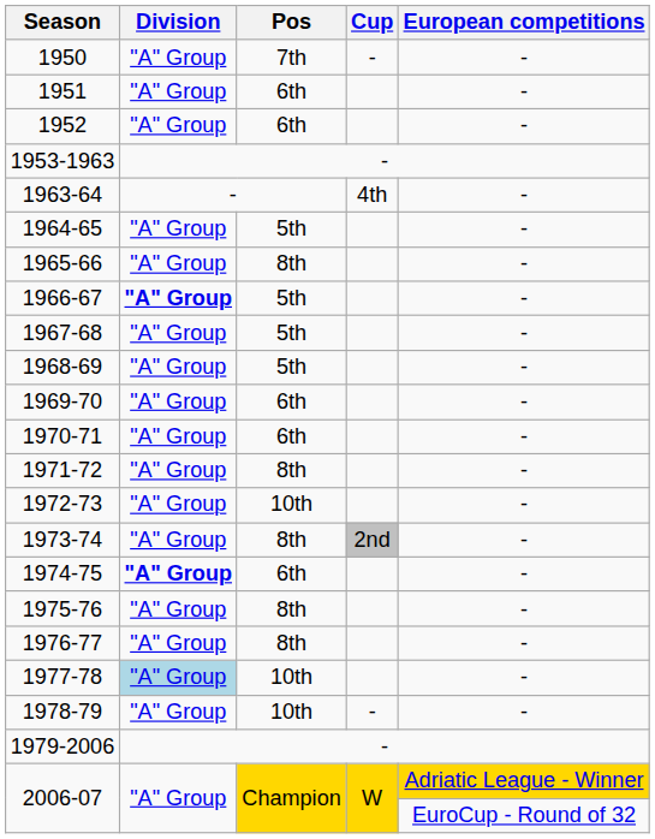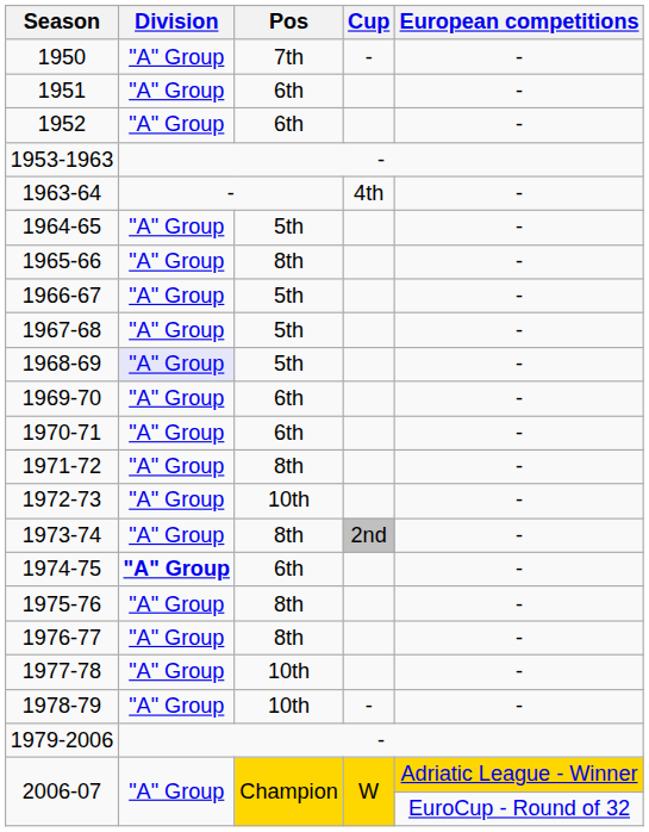 <table class="wikitable" style="text-align:center; font-size:100%">
 <tr>
 <th>Season</th>
 <th><a href='#'>Division</a></th>
 <th>Pos</th>
 <th><a href='#'>Cup</a></th>
 <th><a href='#'>European competitions</a></th>
 </tr>
 <tr>
 <td>1950</td>
 <td><a href='#'>"A" Group</a></td>
 <td>7th</td>
 <td>-</td>
 <td>-</td>
 </tr>
 <tr>
 <td>1951</td>
 <td><a href='#'>"A" Group</a></td>
 <td>6th</td>
 <td></td>
 <td>-</td>
 </tr>
 <tr>
 <td>1952</td>
 <td><a href='#'>"A" Group</a></td>
 <td>6th</td>
 <td></td>
 <td>-</td>
 </tr>
 <tr>
 <td>1953-1963</td>
 <td colspan="4">-</td>
 </tr>
 <tr>
 <td>1963-64</td>
 <td colspan="2">-</td>
 <td>4th</td>
 <td>-</td>
 </tr>
 <tr>
 <td>1964-65</td>
 <td><a href='#'>"A" Group</a></td>
 <td>5th</td>
 <td></td>
 <td>-</td>
 </tr>
 <tr>
 <td>1965-66</td>
 <td><a href='#'>"A" Group</a></td>
 <td>8th</td>
 <td></td>
 <td>-</td>
 </tr>
 <tr>
 <td>1966-67</td>
-<td><strong><a href='#'>"A" Group</a></strong></td>
+<td><a href='#'>"A" Group</a></td>
 <td>5th</td>
 <td></td>
 <td>-</td>
 </tr>
 <tr>
 <td>1967-68</td>
 <td><a href='#'>"A" Group</a></td>
 <td>5th</td>
 <td></td>
 <td>-</td>
 </tr>
 <tr>
 <td>1968-69</td>
-<td><a href='#'>"A" Group</a></td>
+<td style="background: lavender;"><a href='#'>"A" Group</a></td>
 <td>5th</td>
 <td></td>
 <td>-</td>
 </tr>
 <tr>
 <td>1969-70</td>
 <td><a href='#'>"A" Group</a></td>
 <td>6th</td>
 <td></td>
 <td>-</td>
 </tr>
 <tr>
 <td>1970-71</td>
 <td><a href='#'>"A" Group</a></td>
 <td>6th</td>
 <td></td>
 <td>-</td>
 </tr>
 <tr>
 <td>1971-72</td>
 <td><a href='#'>"A" Group</a></td>
 <td>8th</td>
 <td></td>
 <td>-</td>
 </tr>
 <tr>
 <td>1972-73</td>
 <td><a href='#'>"A" Group</a></td>
 <td>10th</td>
 <td></td>
 <td>-</td>
 </tr>
 <tr>
 <td>1973-74</td>
 <td><a href='#'>"A" Group</a></td>
 <td>8th</td>
 <td bgcolor="silver">2nd</td>
 <td>-</td>
 </tr>
 <tr>
 <td>1974-75</td>
 <td><strong><a href='#'>"A" Group</a></strong></td>
 <td>6th</td>
 <td></td>
 <td>-</td>
 </tr>
 <tr>
 <td>1975-76</td>
 <td><a href='#'>"A" Group</a></td>
 <td>8th</td>
 <td></td>
 <td>-</td>
 </tr>
 <tr>
 <td>1976-77</td>
 <td><a href='#'>"A" Group</a></td>
 <td>8th</td>
 <td></td>
 <td>-</td>
 </tr>
 <tr>
 <td>1977-78</td>
-<td style="background: lightblue;"><a href='#'>"A" Group</a></td>
+<td><a href='#'>"A" Group</a></td>
 <td>10th</td>
 <td></td>
 <td>-</td>
 </tr>
 <tr>
 <td>1978-79</td>
 <td><a href='#'>"A" Group</a></td>
 <td>10th</td>
 <td>-</td>
 <td>-</td>
 </tr>
 <tr>
 <td>1979-2006</td>
 <td colspan="4">-</td>
 </tr>
 <tr>
 <td rowspan="2">2006-07</td>
 <td rowspan="2"><a href='#'>"A" Group</a></td>
 <td rowspan="2" bgcolor="gold">Champion</td>
 <td rowspan="2" bgcolor="gold">W</td>
 <td bgcolor="gold"><a href='#'>Adriatic League - Winner</a></td>
 </tr>
 <tr>
 <td><a href='#'>EuroCup - Round of 32</a></td>
 </tr>
 </table>
